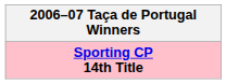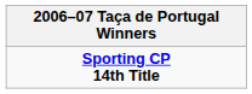 <table class="wikitable" style="text-align: center; margin: 0 auto; width: 20%">
 <tr>
 <th>2006–07 Taça de Portugal Winners</th>
 </tr>
 <tr>
-<td style="background: pink;"><strong><a href='#'>Sporting CP</a></strong><br><strong>14th Title</strong></td>
+<td><strong><a href='#'>Sporting CP</a></strong><br><strong>14th Title</strong></td>
 </tr>
 </table>
